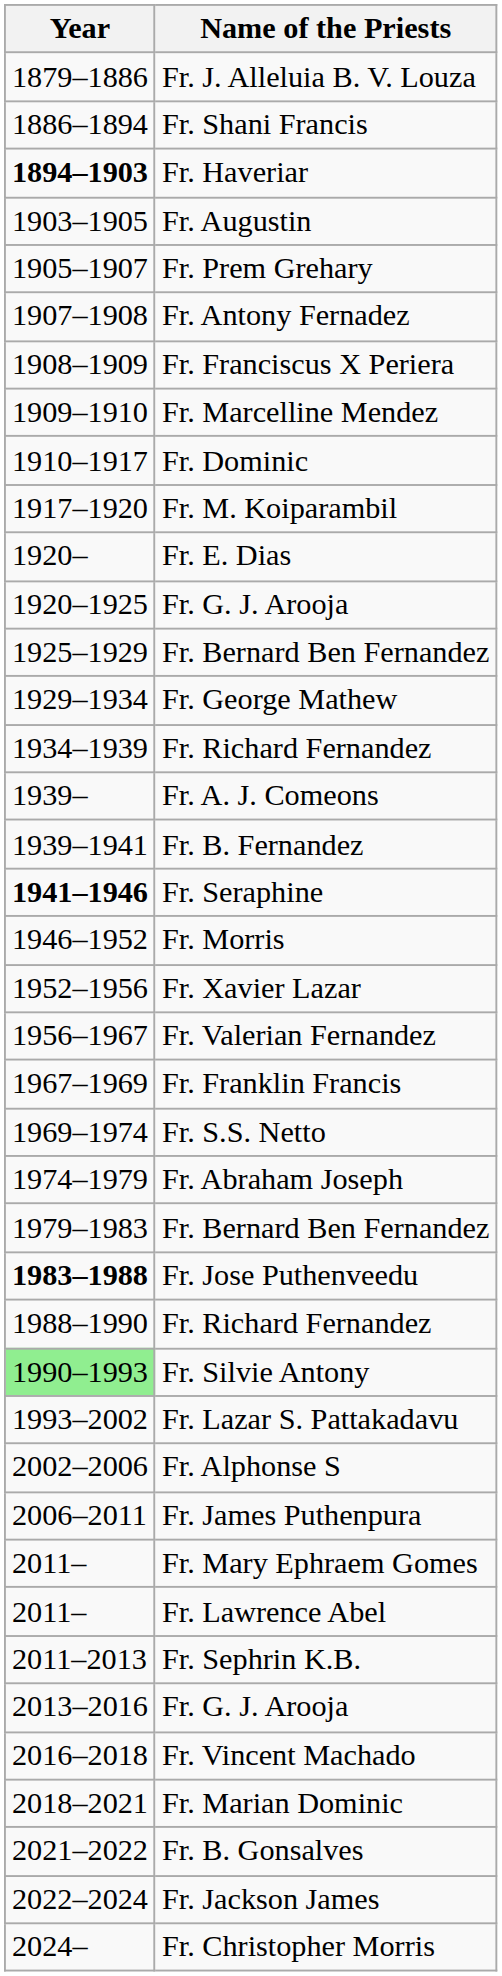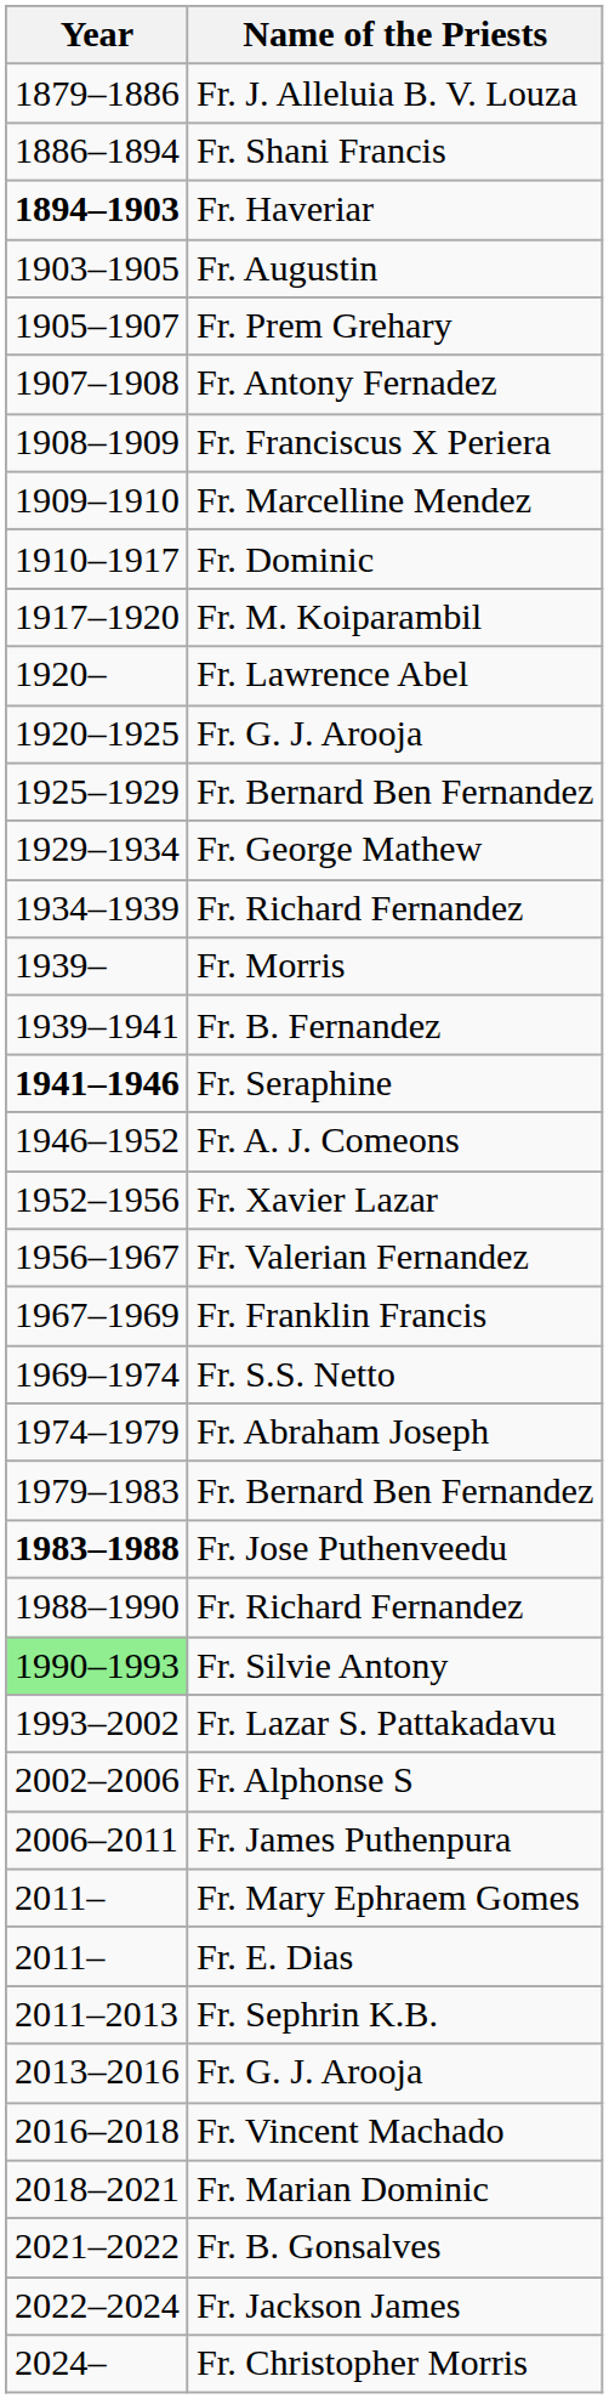 <table class="wikitable">
 <tr>
 <th>Year</th>
 <th>Name of the Priests</th>
 </tr>
 <tr>
 <td>1879–1886</td>
 <td>Fr. J. Alleluia B. V. Louza</td>
 </tr>
 <tr>
 <td>1886–1894</td>
 <td>Fr. Shani Francis</td>
 </tr>
 <tr>
 <td><strong>1894–1903</strong></td>
 <td>Fr. Haveriar</td>
 </tr>
 <tr>
 <td>1903–1905</td>
 <td>Fr. Augustin</td>
 </tr>
 <tr>
 <td>1905–1907</td>
 <td>Fr. Prem Grehary</td>
 </tr>
 <tr>
 <td>1907–1908</td>
 <td>Fr. Antony Fernadez</td>
 </tr>
 <tr>
 <td>1908–1909</td>
 <td>Fr. Franciscus X Periera</td>
 </tr>
 <tr>
 <td>1909–1910</td>
 <td>Fr. Marcelline Mendez</td>
 </tr>
 <tr>
 <td>1910–1917</td>
 <td>Fr. Dominic</td>
 </tr>
 <tr>
 <td>1917–1920</td>
 <td>Fr. M. Koiparambil</td>
 </tr>
 <tr>
 <td>1920–</td>
-<td>Fr. E. Dias</td>
+<td>Fr. Lawrence Abel</td>
 </tr>
 <tr>
 <td>1920–1925</td>
 <td>Fr. G. J. Arooja</td>
 </tr>
 <tr>
 <td>1925–1929</td>
 <td>Fr. Bernard Ben Fernandez</td>
 </tr>
 <tr>
 <td>1929–1934</td>
 <td>Fr. George Mathew</td>
 </tr>
 <tr>
 <td>1934–1939</td>
 <td>Fr. Richard Fernandez</td>
 </tr>
 <tr>
 <td>1939–</td>
-<td>Fr. A. J. Comeons</td>
+<td>Fr. Morris</td>
 </tr>
 <tr>
 <td>1939–1941</td>
 <td>Fr. B. Fernandez</td>
 </tr>
 <tr>
 <td><strong>1941–1946</strong></td>
 <td>Fr. Seraphine</td>
 </tr>
 <tr>
 <td>1946–1952</td>
-<td>Fr. Morris</td>
+<td>Fr. A. J. Comeons</td>
 </tr>
 <tr>
 <td>1952–1956</td>
 <td>Fr. Xavier Lazar</td>
 </tr>
 <tr>
 <td>1956–1967</td>
 <td>Fr. Valerian Fernandez</td>
 </tr>
 <tr>
 <td>1967–1969</td>
 <td>Fr. Franklin Francis</td>
 </tr>
 <tr>
 <td>1969–1974</td>
 <td>Fr. S.S. Netto</td>
 </tr>
 <tr>
 <td>1974–1979</td>
 <td>Fr. Abraham Joseph</td>
 </tr>
 <tr>
 <td>1979–1983</td>
 <td>Fr. Bernard Ben Fernandez</td>
 </tr>
 <tr>
 <td><strong>1983–1988</strong></td>
 <td>Fr. Jose Puthenveedu</td>
 </tr>
 <tr>
 <td>1988–1990</td>
 <td>Fr. Richard Fernandez</td>
 </tr>
 <tr>
 <td style="background: lightgreen;">1990–1993</td>
 <td>Fr. Silvie Antony</td>
 </tr>
 <tr>
 <td>1993–2002</td>
 <td>Fr. Lazar S. Pattakadavu</td>
 </tr>
 <tr>
 <td>2002–2006</td>
 <td>Fr. Alphonse S</td>
 </tr>
 <tr>
 <td>2006–2011</td>
 <td>Fr. James Puthenpura</td>
 </tr>
 <tr>
 <td>2011–</td>
 <td>Fr. Mary Ephraem Gomes</td>
 </tr>
 <tr>
 <td>2011–</td>
-<td>Fr. Lawrence Abel</td>
+<td>Fr. E. Dias</td>
 </tr>
 <tr>
 <td>2011–2013</td>
 <td>Fr. Sephrin K.B.</td>
 </tr>
 <tr>
 <td>2013–2016</td>
 <td>Fr. G. J. Arooja</td>
 </tr>
 <tr>
 <td>2016–2018</td>
 <td>Fr. Vincent Machado</td>
 </tr>
 <tr>
 <td>2018–2021</td>
 <td>Fr. Marian Dominic</td>
 </tr>
 <tr>
 <td>2021–2022</td>
 <td>Fr. B. Gonsalves</td>
 </tr>
 <tr>
 <td>2022–2024</td>
 <td>Fr. Jackson James</td>
 </tr>
 <tr>
 <td>2024–</td>
 <td>Fr. Christopher Morris</td>
 </tr>
 </table>
